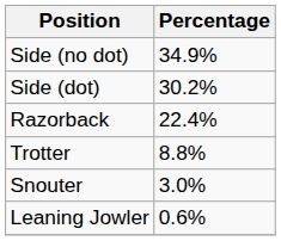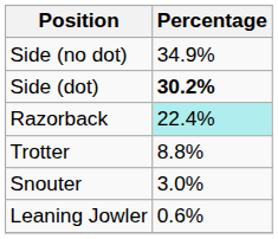 <table class="wikitable">
 <tr>
 <th>Position</th>
 <th>Percentage</th>
 </tr>
 <tr>
 <td>Side (no dot)</td>
 <td>34.9%</td>
 </tr>
 <tr>
 <td>Side (dot)</td>
-<td>30.2%</td>
+<td><strong>30.2%</strong></td>
 </tr>
 <tr>
 <td>Razorback</td>
-<td>22.4%</td>
+<td style="background: paleturquoise;">22.4%</td>
 </tr>
 <tr>
 <td>Trotter</td>
 <td>8.8%</td>
 </tr>
 <tr>
 <td>Snouter</td>
 <td>3.0%</td>
 </tr>
 <tr>
 <td>Leaning Jowler</td>
 <td>0.6%</td>
 </tr>
 <tr>
 </tr>
 </table>
